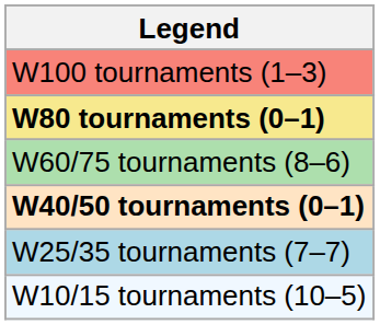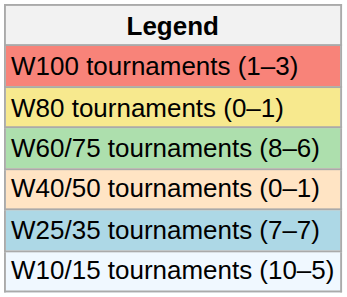 <table class=wikitable style=font-size:85%;>
 <tr>
 <th>Legend</th>
 </tr>
 <tr style=background:#f88379;>
 <td>W100 tournaments (1–3)</td>
 </tr>
 <tr style=background:#f7e98e;>
-<td><strong>W80 tournaments (0–1)</strong></td>
+<td>W80 tournaments (0–1)</td>
 </tr>
 <tr style=background:#addfad;>
 <td>W60/75 tournaments (8–6)</td>
 </tr>
 <tr style=background:#ffe4c4;>
-<td><strong>W40/50 tournaments (0–1)</strong></td>
+<td>W40/50 tournaments (0–1)</td>
 </tr>
 <tr style=background:lightblue;>
 <td>W25/35 tournaments (7–7)</td>
 </tr>
 <tr style=background:#f0f8ff;>
 <td>W10/15 tournaments (10–5)</td>
 </tr>
 </table>
